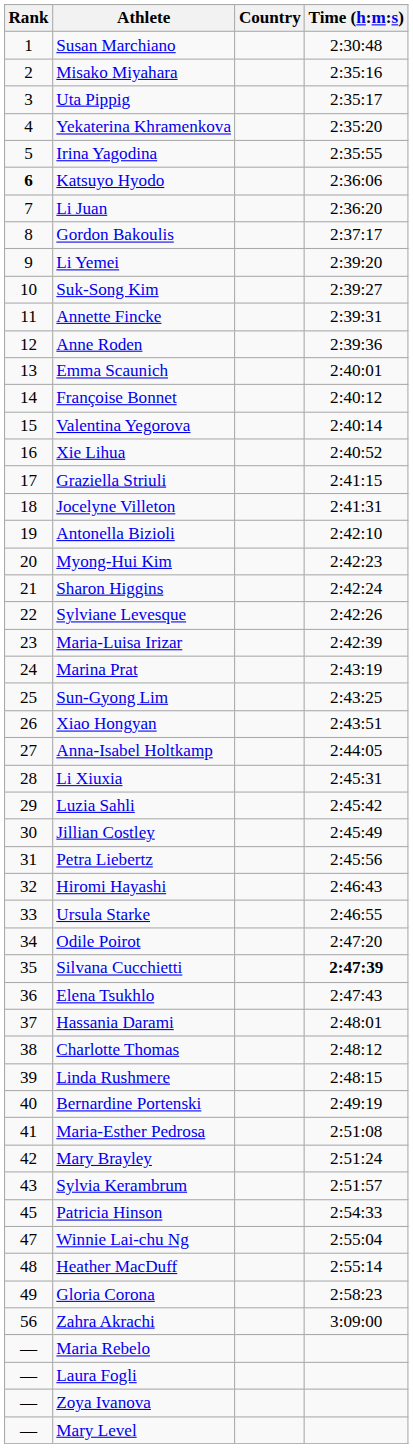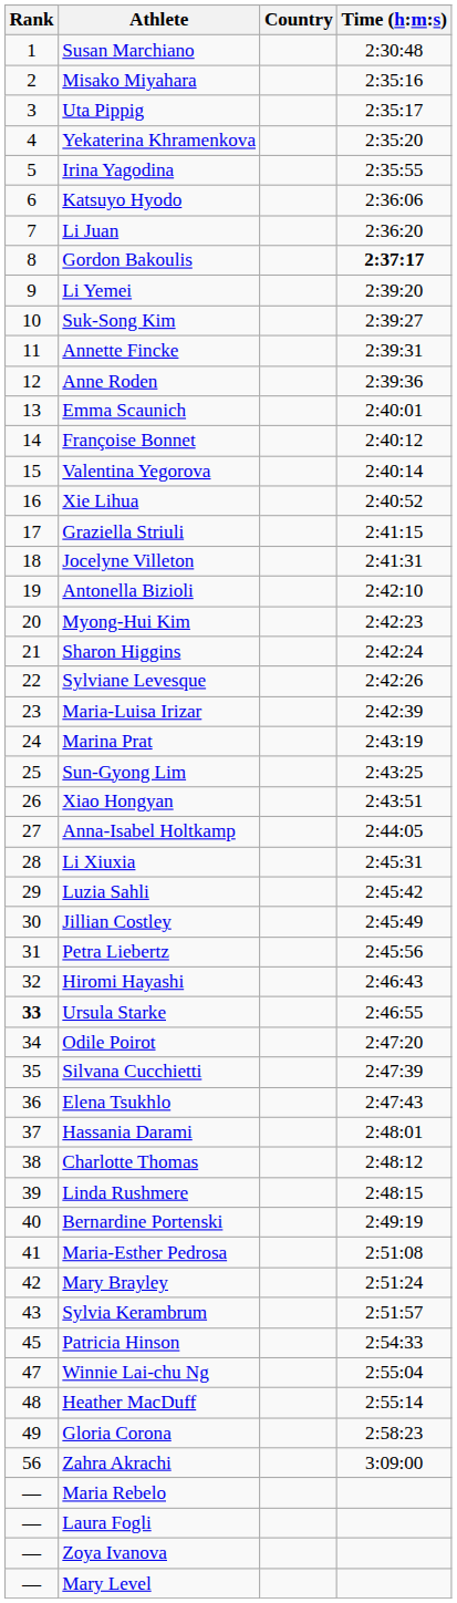 <table class="wikitable sortable" style="text-align:center;">
 <tr>
 <th>Rank</th>
 <th>Athlete</th>
 <th>Country</th>
 <th>Time (<a href='#'>h</a>:<a href='#'>m</a>:<a href='#'>s</a>)</th>
 </tr>
 <tr>
 <td>1</td>
 <td align=left><a href='#'>Susan Marchiano</a></td>
 <td align=left></td>
 <td>2:30:48</td>
 </tr>
 <tr>
 <td>2</td>
 <td align=left><a href='#'>Misako Miyahara</a></td>
 <td align=left></td>
 <td>2:35:16</td>
 </tr>
 <tr>
 <td>3</td>
 <td align=left><a href='#'>Uta Pippig</a></td>
 <td align=left></td>
 <td>2:35:17</td>
 </tr>
 <tr>
 <td>4</td>
 <td align=left><a href='#'>Yekaterina Khramenkova</a></td>
 <td align=left></td>
 <td>2:35:20</td>
 </tr>
 <tr>
 <td>5</td>
 <td align=left><a href='#'>Irina Yagodina</a></td>
 <td align=left></td>
 <td>2:35:55</td>
 </tr>
 <tr>
-<td><strong>6</strong></td>
+<td>6</td>
 <td align=left><a href='#'>Katsuyo Hyodo</a></td>
 <td align=left></td>
 <td>2:36:06</td>
 </tr>
 <tr>
 <td>7</td>
 <td align=left><a href='#'>Li Juan</a></td>
 <td align=left></td>
 <td>2:36:20</td>
 </tr>
 <tr>
 <td>8</td>
 <td align=left><a href='#'>Gordon Bakoulis</a></td>
 <td align=left></td>
-<td>2:37:17</td>
+<td><strong>2:37:17</strong></td>
 </tr>
 <tr>
 <td>9</td>
 <td align=left><a href='#'>Li Yemei</a></td>
 <td align=left></td>
 <td>2:39:20</td>
 </tr>
 <tr>
 <td>10</td>
 <td align=left><a href='#'>Suk-Song Kim</a></td>
 <td align=left></td>
 <td>2:39:27</td>
 </tr>
 <tr>
 <td>11</td>
 <td align=left><a href='#'>Annette Fincke</a></td>
 <td align=left></td>
 <td>2:39:31</td>
 </tr>
 <tr>
 <td>12</td>
 <td align=left><a href='#'>Anne Roden</a></td>
 <td align=left></td>
 <td>2:39:36</td>
 </tr>
 <tr>
 <td>13</td>
 <td align=left><a href='#'>Emma Scaunich</a></td>
 <td align=left></td>
 <td>2:40:01</td>
 </tr>
 <tr>
 <td>14</td>
 <td align=left><a href='#'>Françoise Bonnet</a></td>
 <td align=left></td>
 <td>2:40:12</td>
 </tr>
 <tr>
 <td>15</td>
 <td align=left><a href='#'>Valentina Yegorova</a></td>
 <td align=left></td>
 <td>2:40:14</td>
 </tr>
 <tr>
 <td>16</td>
 <td align=left><a href='#'>Xie Lihua</a></td>
 <td align=left></td>
 <td>2:40:52</td>
 </tr>
 <tr>
 <td>17</td>
 <td align=left><a href='#'>Graziella Striuli</a></td>
 <td align=left></td>
 <td>2:41:15</td>
 </tr>
 <tr>
 <td>18</td>
 <td align=left><a href='#'>Jocelyne Villeton</a></td>
 <td align=left></td>
 <td>2:41:31</td>
 </tr>
 <tr>
 <td>19</td>
 <td align=left><a href='#'>Antonella Bizioli</a></td>
 <td align=left></td>
 <td>2:42:10</td>
 </tr>
 <tr>
 <td>20</td>
 <td align=left><a href='#'>Myong-Hui Kim</a></td>
 <td align=left></td>
 <td>2:42:23</td>
 </tr>
 <tr>
 <td>21</td>
 <td align=left><a href='#'>Sharon Higgins</a></td>
 <td align=left></td>
 <td>2:42:24</td>
 </tr>
 <tr>
 <td>22</td>
 <td align=left><a href='#'>Sylviane Levesque</a></td>
 <td align=left></td>
 <td>2:42:26</td>
 </tr>
 <tr>
 <td>23</td>
 <td align=left><a href='#'>Maria-Luisa Irizar</a></td>
 <td align=left></td>
 <td>2:42:39</td>
 </tr>
 <tr>
 <td>24</td>
 <td align=left><a href='#'>Marina Prat</a></td>
 <td align=left></td>
 <td>2:43:19</td>
 </tr>
 <tr>
 <td>25</td>
 <td align=left><a href='#'>Sun-Gyong Lim</a></td>
 <td align=left></td>
 <td>2:43:25</td>
 </tr>
 <tr>
 <td>26</td>
 <td align=left><a href='#'>Xiao Hongyan</a></td>
 <td align=left></td>
 <td>2:43:51</td>
 </tr>
 <tr>
 <td>27</td>
 <td align=left><a href='#'>Anna-Isabel Holtkamp</a></td>
 <td align=left></td>
 <td>2:44:05</td>
 </tr>
 <tr>
 <td>28</td>
 <td align=left><a href='#'>Li Xiuxia</a></td>
 <td align=left></td>
 <td>2:45:31</td>
 </tr>
 <tr>
 <td>29</td>
 <td align=left><a href='#'>Luzia Sahli</a></td>
 <td align=left></td>
 <td>2:45:42</td>
 </tr>
 <tr>
 <td>30</td>
 <td align=left><a href='#'>Jillian Costley</a></td>
 <td align=left></td>
 <td>2:45:49</td>
 </tr>
 <tr>
 <td>31</td>
 <td align=left><a href='#'>Petra Liebertz</a></td>
 <td align=left></td>
 <td>2:45:56</td>
 </tr>
 <tr>
 <td>32</td>
 <td align=left><a href='#'>Hiromi Hayashi</a></td>
 <td align=left></td>
 <td>2:46:43</td>
 </tr>
 <tr>
-<td>33</td>
+<td><strong>33</strong></td>
 <td align=left><a href='#'>Ursula Starke</a></td>
 <td align=left></td>
 <td>2:46:55</td>
 </tr>
 <tr>
 <td>34</td>
 <td align=left><a href='#'>Odile Poirot</a></td>
 <td align=left></td>
 <td>2:47:20</td>
 </tr>
 <tr>
 <td>35</td>
 <td align=left><a href='#'>Silvana Cucchietti</a></td>
 <td align=left></td>
-<td><strong>2:47:39</strong></td>
+<td>2:47:39</td>
 </tr>
 <tr>
 <td>36</td>
 <td align=left><a href='#'>Elena Tsukhlo</a></td>
 <td align=left></td>
 <td>2:47:43</td>
 </tr>
 <tr>
 <td>37</td>
 <td align=left><a href='#'>Hassania Darami</a></td>
 <td align=left></td>
 <td>2:48:01</td>
 </tr>
 <tr>
 <td>38</td>
 <td align=left><a href='#'>Charlotte Thomas</a></td>
 <td align=left></td>
 <td>2:48:12</td>
 </tr>
 <tr>
 <td>39</td>
 <td align=left><a href='#'>Linda Rushmere</a></td>
 <td align=left></td>
 <td>2:48:15</td>
 </tr>
 <tr>
 <td>40</td>
 <td align=left><a href='#'>Bernardine Portenski</a></td>
 <td align=left></td>
 <td>2:49:19</td>
 </tr>
 <tr>
 <td>41</td>
 <td align=left><a href='#'>Maria-Esther Pedrosa</a></td>
 <td align=left></td>
 <td>2:51:08</td>
 </tr>
 <tr>
 <td>42</td>
 <td align=left><a href='#'>Mary Brayley</a></td>
 <td align=left></td>
 <td>2:51:24</td>
 </tr>
 <tr>
 <td>43</td>
 <td align=left><a href='#'>Sylvia Kerambrum</a></td>
 <td align=left></td>
 <td>2:51:57</td>
 </tr>
 <tr>
 <td>45</td>
 <td align=left><a href='#'>Patricia Hinson</a></td>
 <td align=left></td>
 <td>2:54:33</td>
 </tr>
 <tr>
 <td>47</td>
 <td align=left><a href='#'>Winnie Lai-chu Ng</a></td>
 <td align=left></td>
 <td>2:55:04</td>
 </tr>
 <tr>
 <td>48</td>
 <td align=left><a href='#'>Heather MacDuff</a></td>
 <td align=left></td>
 <td>2:55:14</td>
 </tr>
 <tr>
 <td>49</td>
 <td align=left><a href='#'>Gloria Corona</a></td>
 <td align=left></td>
 <td>2:58:23</td>
 </tr>
 <tr>
 <td>56</td>
 <td align=left><a href='#'>Zahra Akrachi</a></td>
 <td align=left></td>
 <td>3:09:00</td>
 </tr>
 <tr>
 <td>—</td>
 <td align=left><a href='#'>Maria Rebelo</a></td>
 <td align=left></td>
 <td></td>
 </tr>
 <tr>
 <td>—</td>
 <td align=left><a href='#'>Laura Fogli</a></td>
 <td align=left></td>
 <td></td>
 </tr>
 <tr>
 <td>—</td>
 <td align=left><a href='#'>Zoya Ivanova</a></td>
 <td align=left></td>
 <td></td>
 </tr>
 <tr>
 <td>—</td>
 <td align=left><a href='#'>Mary Level</a></td>
 <td align=left></td>
 <td></td>
 </tr>
 </table>
